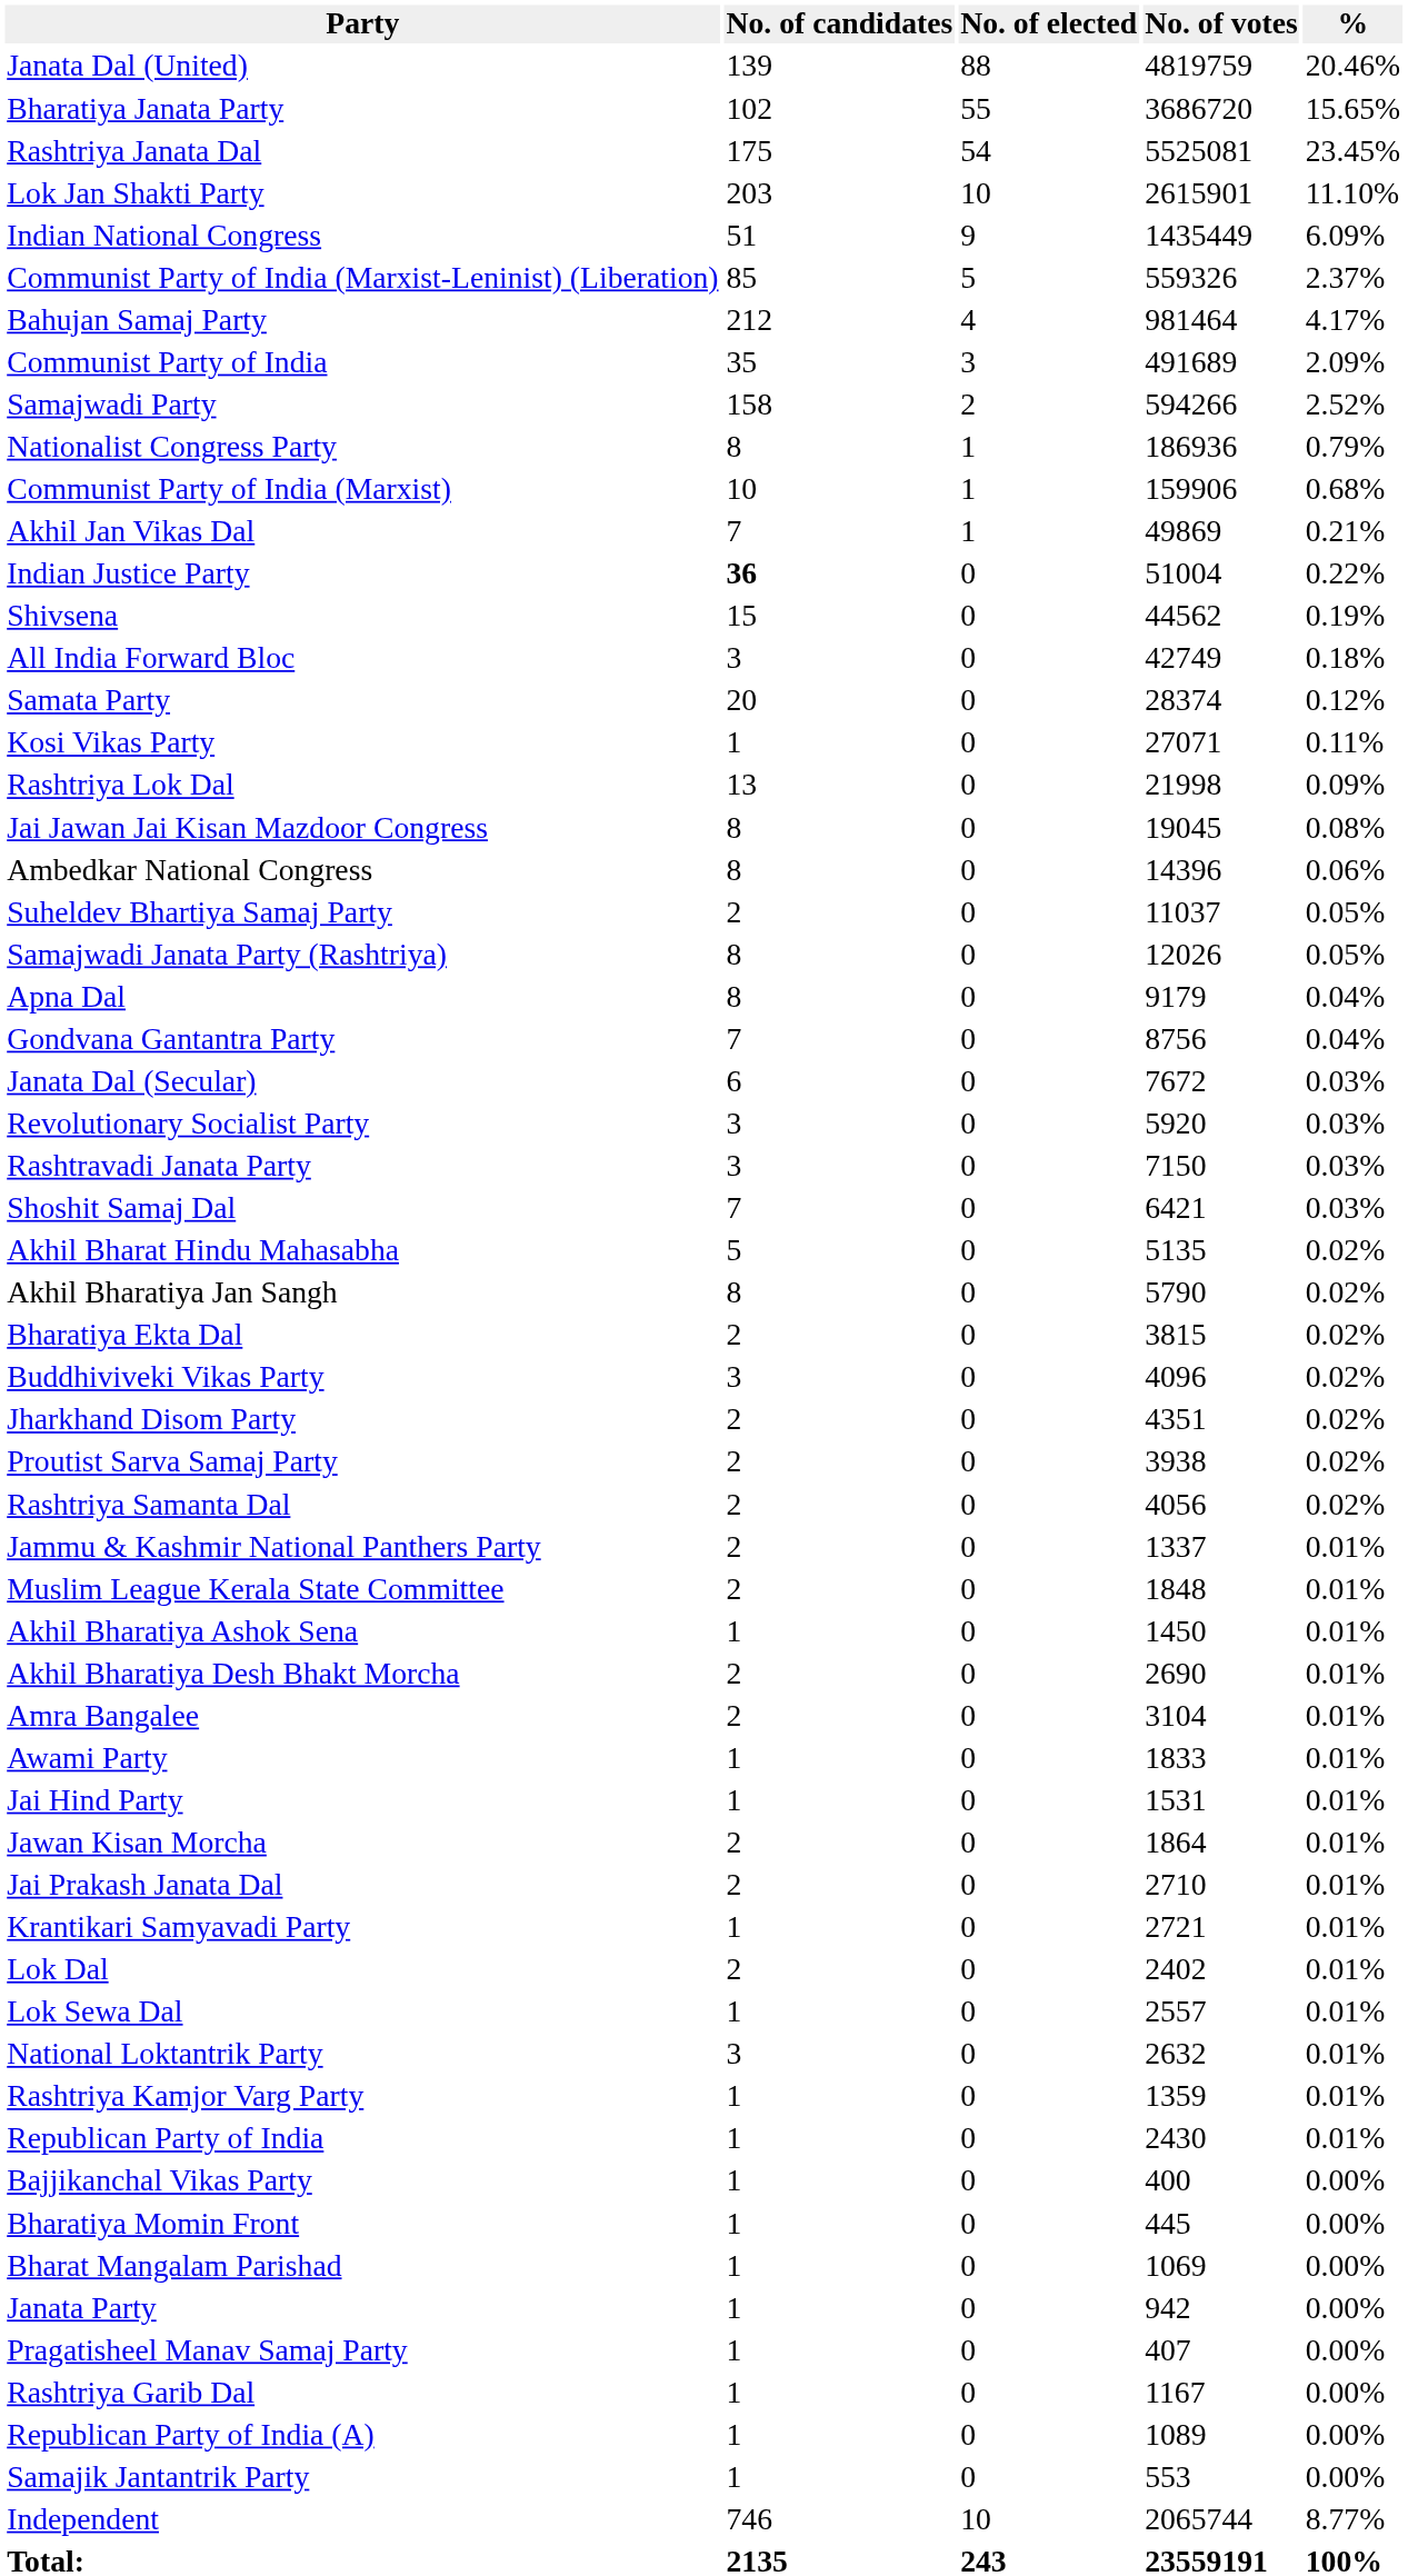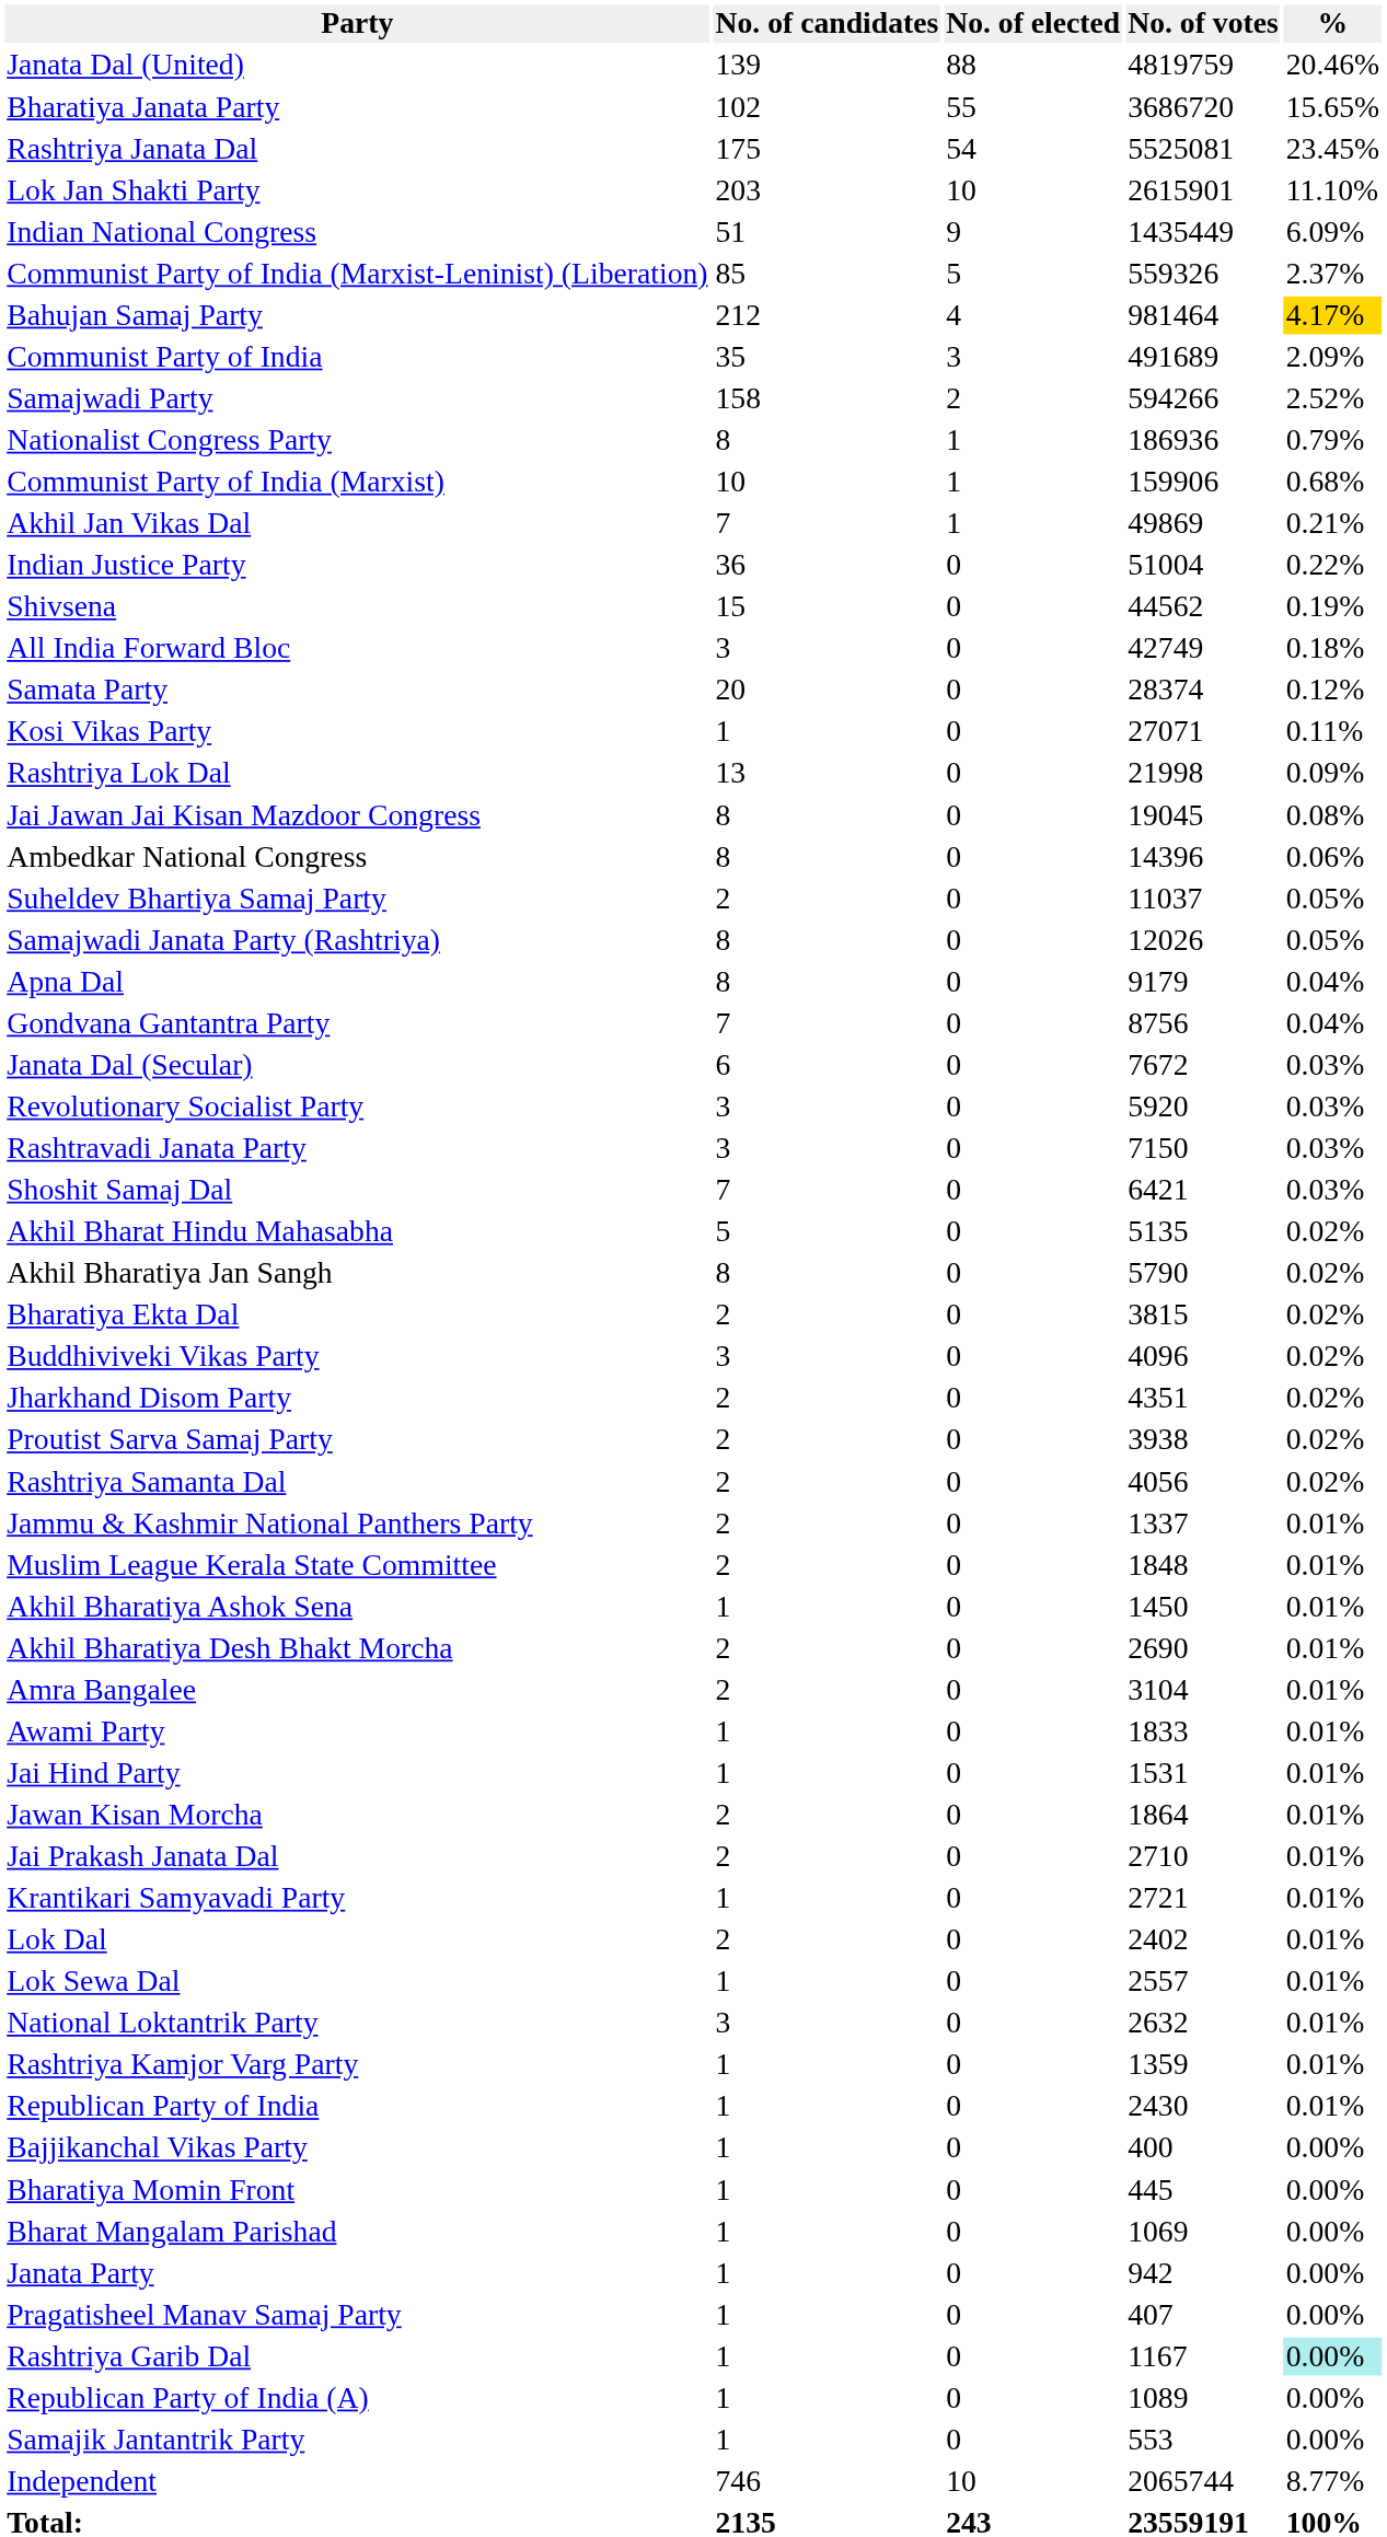 <table>
 <tr bgcolor="efefef">
 <th>Party</th>
 <th>No. of candidates</th>
 <th>No. of elected</th>
 <th>No. of votes</th>
 <th>%</th>
 </tr>
 <tr>
 <td><a href='#'>Janata Dal (United)</a></td>
 <td>139</td>
 <td>88</td>
 <td>4819759</td>
 <td>20.46%</td>
 </tr>
 <tr>
 <td><a href='#'>Bharatiya Janata Party</a></td>
 <td>102</td>
 <td>55</td>
 <td>3686720</td>
 <td>15.65%</td>
 </tr>
 <tr>
 <td><a href='#'>Rashtriya Janata Dal</a></td>
 <td>175</td>
 <td>54</td>
 <td>5525081</td>
 <td>23.45%</td>
 </tr>
 <tr>
 <td><a href='#'>Lok Jan Shakti Party</a></td>
 <td>203</td>
 <td>10</td>
 <td>2615901</td>
 <td>11.10%</td>
 </tr>
 <tr>
 <td><a href='#'>Indian National Congress</a></td>
 <td>51</td>
 <td>9</td>
 <td>1435449</td>
 <td>6.09%</td>
 </tr>
 <tr>
 <td><a href='#'>Communist Party of India (Marxist-Leninist) (Liberation)</a></td>
 <td>85</td>
 <td>5</td>
 <td>559326</td>
 <td>2.37%</td>
 </tr>
 <tr>
 <td><a href='#'>Bahujan Samaj Party</a></td>
 <td>212</td>
 <td>4</td>
 <td>981464</td>
-<td>4.17%</td>
+<td style="background: gold;">4.17%</td>
 </tr>
 <tr>
 <td><a href='#'>Communist Party of India</a></td>
 <td>35</td>
 <td>3</td>
 <td>491689</td>
 <td>2.09%</td>
 </tr>
 <tr>
 <td><a href='#'>Samajwadi Party</a></td>
 <td>158</td>
 <td>2</td>
 <td>594266</td>
 <td>2.52%</td>
 </tr>
 <tr>
 <td><a href='#'>Nationalist Congress Party</a></td>
 <td>8</td>
 <td>1</td>
 <td>186936</td>
 <td>0.79%</td>
 </tr>
 <tr>
 <td><a href='#'>Communist Party of India (Marxist)</a></td>
 <td>10</td>
 <td>1</td>
 <td>159906</td>
 <td>0.68%</td>
 </tr>
 <tr>
 <td><a href='#'>Akhil Jan Vikas Dal</a></td>
 <td>7</td>
 <td>1</td>
 <td>49869</td>
 <td>0.21%</td>
 </tr>
 <tr>
 <td><a href='#'>Indian Justice Party</a></td>
-<td><strong>36</strong></td>
+<td>36</td>
 <td>0</td>
 <td>51004</td>
 <td>0.22%</td>
 </tr>
 <tr>
 <td><a href='#'>Shivsena</a></td>
 <td>15</td>
 <td>0</td>
 <td>44562</td>
 <td>0.19%</td>
 </tr>
 <tr>
 <td><a href='#'>All India Forward Bloc</a></td>
 <td>3</td>
 <td>0</td>
 <td>42749</td>
 <td>0.18%</td>
 </tr>
 <tr>
 <td><a href='#'>Samata Party</a></td>
 <td>20</td>
 <td>0</td>
 <td>28374</td>
 <td>0.12%</td>
 </tr>
 <tr>
 <td><a href='#'>Kosi Vikas Party</a></td>
 <td>1</td>
 <td>0</td>
 <td>27071</td>
 <td>0.11%</td>
 </tr>
 <tr>
 <td><a href='#'>Rashtriya Lok Dal</a></td>
 <td>13</td>
 <td>0</td>
 <td>21998</td>
 <td>0.09%</td>
 </tr>
 <tr>
 <td><a href='#'>Jai Jawan Jai Kisan Mazdoor Congress</a></td>
 <td>8</td>
 <td>0</td>
 <td>19045</td>
 <td>0.08%</td>
 </tr>
 <tr>
 <td>Ambedkar National Congress</td>
 <td>8</td>
 <td>0</td>
 <td>14396</td>
 <td>0.06%</td>
 </tr>
 <tr>
 <td><a href='#'>Suheldev Bhartiya Samaj Party</a></td>
 <td>2</td>
 <td>0</td>
 <td>11037</td>
 <td>0.05%</td>
 </tr>
 <tr>
 <td><a href='#'>Samajwadi Janata Party (Rashtriya)</a></td>
 <td>8</td>
 <td>0</td>
 <td>12026</td>
 <td>0.05%</td>
 </tr>
 <tr>
 <td><a href='#'>Apna Dal</a></td>
 <td>8</td>
 <td>0</td>
 <td>9179</td>
 <td>0.04%</td>
 </tr>
 <tr>
 <td><a href='#'>Gondvana Gantantra Party</a></td>
 <td>7</td>
 <td>0</td>
 <td>8756</td>
 <td>0.04%</td>
 </tr>
 <tr>
 <td><a href='#'>Janata Dal (Secular)</a></td>
 <td>6</td>
 <td>0</td>
 <td>7672</td>
 <td>0.03%</td>
 </tr>
 <tr>
 <td><a href='#'>Revolutionary Socialist Party</a></td>
 <td>3</td>
 <td>0</td>
 <td>5920</td>
 <td>0.03%</td>
 </tr>
 <tr>
 <td><a href='#'>Rashtravadi Janata Party</a></td>
 <td>3</td>
 <td>0</td>
 <td>7150</td>
 <td>0.03%</td>
 </tr>
 <tr>
 <td><a href='#'>Shoshit Samaj Dal</a></td>
 <td>7</td>
 <td>0</td>
 <td>6421</td>
 <td>0.03%</td>
 </tr>
 <tr>
 <td><a href='#'>Akhil Bharat Hindu Mahasabha</a></td>
 <td>5</td>
 <td>0</td>
 <td>5135</td>
 <td>0.02%</td>
 </tr>
 <tr>
 <td>Akhil Bharatiya Jan Sangh</td>
 <td>8</td>
 <td>0</td>
 <td>5790</td>
 <td>0.02%</td>
 </tr>
 <tr>
 <td><a href='#'>Bharatiya Ekta Dal</a></td>
 <td>2</td>
 <td>0</td>
 <td>3815</td>
 <td>0.02%</td>
 </tr>
 <tr>
 <td><a href='#'>Buddhiviveki Vikas Party</a></td>
 <td>3</td>
 <td>0</td>
 <td>4096</td>
 <td>0.02%</td>
 </tr>
 <tr>
 <td><a href='#'>Jharkhand Disom Party</a></td>
 <td>2</td>
 <td>0</td>
 <td>4351</td>
 <td>0.02%</td>
 </tr>
 <tr>
 <td><a href='#'>Proutist Sarva Samaj Party</a></td>
 <td>2</td>
 <td>0</td>
 <td>3938</td>
 <td>0.02%</td>
 </tr>
 <tr>
 <td><a href='#'>Rashtriya Samanta Dal</a></td>
 <td>2</td>
 <td>0</td>
 <td>4056</td>
 <td>0.02%</td>
 </tr>
 <tr>
 <td><a href='#'>Jammu & Kashmir National Panthers Party</a></td>
 <td>2</td>
 <td>0</td>
 <td>1337</td>
 <td>0.01%</td>
 </tr>
 <tr>
 <td><a href='#'>Muslim League Kerala State Committee</a></td>
 <td>2</td>
 <td>0</td>
 <td>1848</td>
 <td>0.01%</td>
 </tr>
 <tr>
 <td><a href='#'>Akhil Bharatiya Ashok Sena</a></td>
 <td>1</td>
 <td>0</td>
 <td>1450</td>
 <td>0.01%</td>
 </tr>
 <tr>
 <td><a href='#'>Akhil Bharatiya Desh Bhakt Morcha</a></td>
 <td>2</td>
 <td>0</td>
 <td>2690</td>
 <td>0.01%</td>
 </tr>
 <tr>
 <td><a href='#'>Amra Bangalee</a></td>
 <td>2</td>
 <td>0</td>
 <td>3104</td>
 <td>0.01%</td>
 </tr>
 <tr>
 <td><a href='#'>Awami Party</a></td>
 <td>1</td>
 <td>0</td>
 <td>1833</td>
 <td>0.01%</td>
 </tr>
 <tr>
 <td><a href='#'>Jai Hind Party</a></td>
 <td>1</td>
 <td>0</td>
 <td>1531</td>
 <td>0.01%</td>
 </tr>
 <tr>
 <td><a href='#'>Jawan Kisan Morcha</a></td>
 <td>2</td>
 <td>0</td>
 <td>1864</td>
 <td>0.01%</td>
 </tr>
 <tr>
 <td><a href='#'>Jai Prakash Janata Dal</a></td>
 <td>2</td>
 <td>0</td>
 <td>2710</td>
 <td>0.01%</td>
 </tr>
 <tr>
 <td><a href='#'>Krantikari Samyavadi Party</a></td>
 <td>1</td>
 <td>0</td>
 <td>2721</td>
 <td>0.01%</td>
 </tr>
 <tr>
 <td><a href='#'>Lok Dal</a></td>
 <td>2</td>
 <td>0</td>
 <td>2402</td>
 <td>0.01%</td>
 </tr>
 <tr>
 <td><a href='#'>Lok Sewa Dal</a></td>
 <td>1</td>
 <td>0</td>
 <td>2557</td>
 <td>0.01%</td>
 </tr>
 <tr>
 <td><a href='#'>National Loktantrik Party</a></td>
 <td>3</td>
 <td>0</td>
 <td>2632</td>
 <td>0.01%</td>
 </tr>
 <tr>
 <td><a href='#'>Rashtriya Kamjor Varg Party</a></td>
 <td>1</td>
 <td>0</td>
 <td>1359</td>
 <td>0.01%</td>
 </tr>
 <tr>
 <td><a href='#'>Republican Party of India</a></td>
 <td>1</td>
 <td>0</td>
 <td>2430</td>
 <td>0.01%</td>
 </tr>
 <tr>
 <td><a href='#'>Bajjikanchal Vikas Party</a></td>
 <td>1</td>
 <td>0</td>
 <td>400</td>
 <td>0.00%</td>
 </tr>
 <tr>
 <td><a href='#'>Bharatiya Momin Front</a></td>
 <td>1</td>
 <td>0</td>
 <td>445</td>
 <td>0.00%</td>
 </tr>
 <tr>
 <td><a href='#'>Bharat Mangalam Parishad</a></td>
 <td>1</td>
 <td>0</td>
 <td>1069</td>
 <td>0.00%</td>
 </tr>
 <tr>
 <td><a href='#'>Janata Party</a></td>
 <td>1</td>
 <td>0</td>
 <td>942</td>
 <td>0.00%</td>
 </tr>
 <tr>
 <td><a href='#'>Pragatisheel Manav Samaj Party</a></td>
 <td>1</td>
 <td>0</td>
 <td>407</td>
 <td>0.00%</td>
 </tr>
 <tr>
 <td><a href='#'>Rashtriya Garib Dal</a></td>
 <td>1</td>
 <td>0</td>
 <td>1167</td>
-<td>0.00%</td>
+<td style="background: paleturquoise;">0.00%</td>
 </tr>
 <tr>
 <td><a href='#'>Republican Party of India (A)</a></td>
 <td>1</td>
 <td>0</td>
 <td>1089</td>
 <td>0.00%</td>
 </tr>
 <tr>
 <td><a href='#'>Samajik Jantantrik Party</a></td>
 <td>1</td>
 <td>0</td>
 <td>553</td>
 <td>0.00%</td>
 </tr>
 <tr>
 <td><a href='#'>Independent</a></td>
 <td>746</td>
 <td>10</td>
 <td>2065744</td>
 <td>8.77%</td>
 <td></td>
 </tr>
 <tr>
 <td><strong>Total:</strong></td>
 <td><strong>2135</strong></td>
 <td><strong>243</strong></td>
 <td><strong>23559191</strong></td>
 <td><strong>100%</strong></td>
 <td></td>
 </tr>
 </table>
